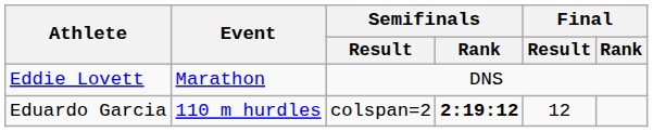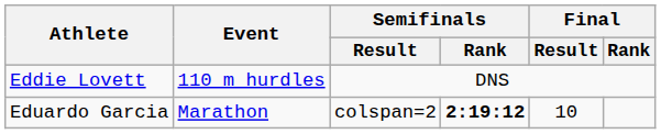 <table class=wikitable style="font-size:90%">
 <tr>
 <th rowspan="2">Athlete</th>
 <th rowspan="2">Event</th>
 <th colspan="2">Semifinals</th>
 <th colspan="2">Final</th>
 </tr>
 <tr style="font-size:95%">
 <th>Result</th>
 <th>Rank</th>
 <th>Result</th>
 <th>Rank</th>
 </tr>
 <tr align=center>
 <td align=left><a href='#'>Eddie Lovett</a></td>
-<td align=left><a href='#'>Marathon</a></td>
+<td align=left><a href='#'>110 m hurdles</a></td>
 <td colspan=4>DNS</td>
 </tr>
 <tr align=center>
 <td align=left>Eduardo Garcia</td>
-<td align=left><a href='#'>110 m hurdles</a></td>
+<td align=left><a href='#'>Marathon</a></td>
 <td>colspan=2 </td>
 <td><strong>2:19:12</strong></td>
-<td>12</td>
+<td>10</td>
 </tr>
 </table>
